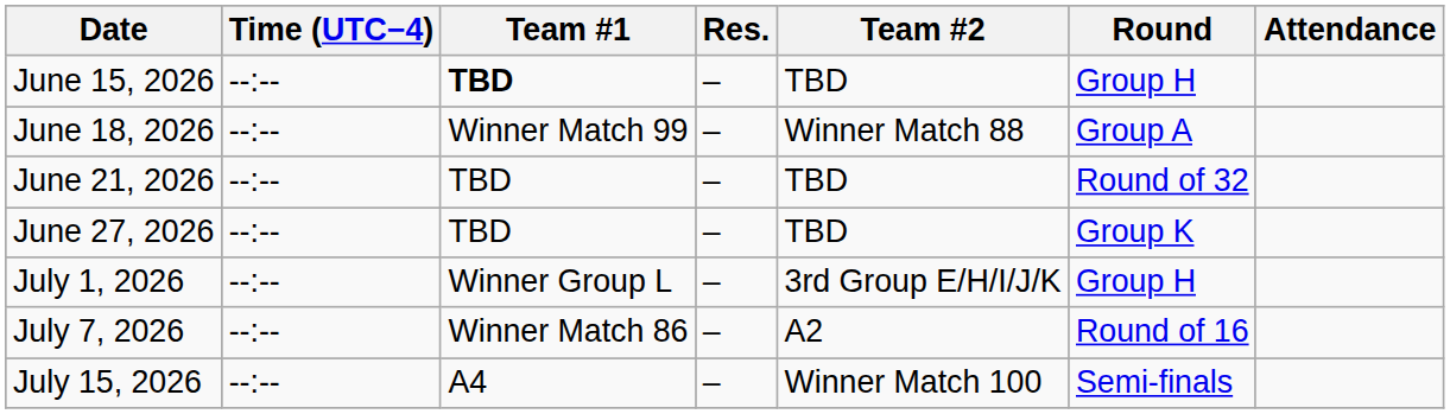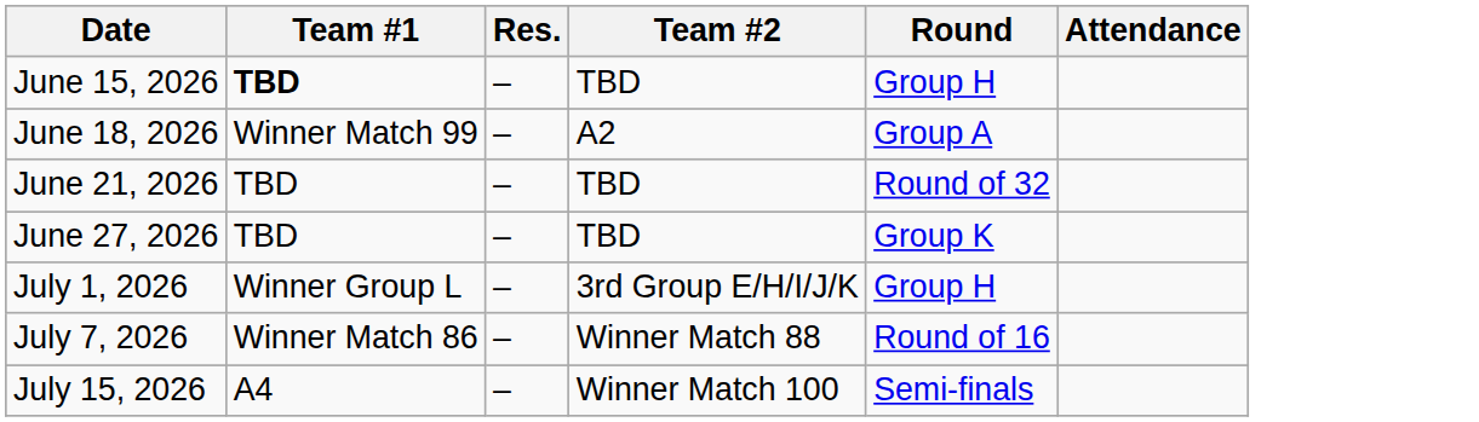 <table class="wikitable sortable">
 <tr>
 <th style="text-align:center">Date</th>
-<th style="text-align:center">Time (<a href='#'>UTC−4</a>)</th>
 <th style="text-align:center">Team #1</th>
 <th style="text-align:center">Res.</th>
 <th style="text-align:center">Team #2</th>
 <th style="text-align:center">Round</th>
 <th>Attendance</th>
 </tr>
 <tr>
 <td>June 15, 2026</td>
-<td>--:--</td>
 <td><strong>TBD</strong></td>
 <td>–</td>
 <td>TBD</td>
 <td><a href='#'>Group H</a></td>
 <td></td>
 </tr>
 <tr>
 <td>June 18, 2026</td>
-<td>--:--</td>
 <td>Winner Match 99</td>
 <td>–</td>
-<td>Winner Match 88</td>
+<td>A2</td>
 <td><a href='#'>Group A</a></td>
 <td></td>
 </tr>
 <tr>
 <td>June 21, 2026</td>
-<td>--:--</td>
 <td>TBD</td>
 <td>–</td>
 <td>TBD</td>
 <td><a href='#'>Round of 32</a></td>
 <td></td>
 </tr>
 <tr>
 <td>June 27, 2026</td>
-<td>--:--</td>
 <td>TBD</td>
 <td>–</td>
 <td>TBD</td>
 <td><a href='#'>Group K</a></td>
 <td></td>
 </tr>
 <tr>
 <td>July 1, 2026</td>
-<td>--:--</td>
 <td>Winner Group L</td>
 <td>–</td>
 <td>3rd Group E/H/I/J/K</td>
 <td><a href='#'>Group H</a></td>
 <td></td>
 </tr>
 <tr>
 <td>July 7, 2026</td>
-<td>--:--</td>
 <td>Winner Match 86</td>
 <td>–</td>
-<td>A2</td>
+<td>Winner Match 88</td>
 <td><a href='#'>Round of 16</a></td>
 <td></td>
 </tr>
 <tr>
 <td>July 15, 2026</td>
-<td>--:--</td>
 <td>A4</td>
 <td>–</td>
 <td>Winner Match 100</td>
 <td><a href='#'>Semi-finals</a></td>
 <td></td>
 </tr>
 </table>
